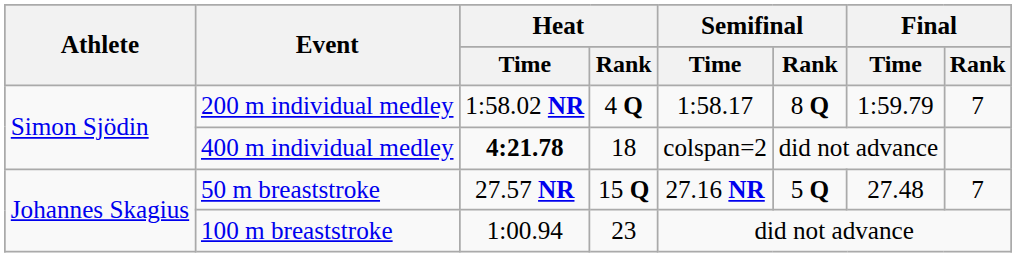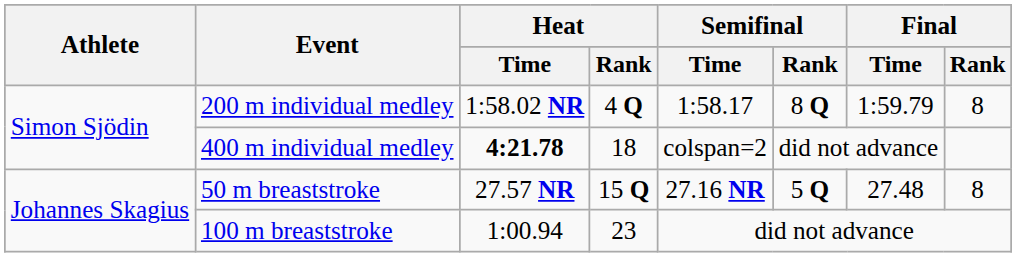 <table class=wikitable style="font-size:90%">
 <tr>
 <th rowspan="2">Athlete</th>
 <th rowspan="2">Event</th>
 <th colspan="2">Heat</th>
 <th colspan="2">Semifinal</th>
 <th colspan="2">Final</th>
 </tr>
 <tr style="font-size:95%">
 <th>Time</th>
 <th>Rank</th>
 <th>Time</th>
 <th>Rank</th>
 <th>Time</th>
 <th>Rank</th>
 </tr>
 <tr align=center>
 <td align=left rowspan=2><a href='#'>Simon Sjödin</a></td>
 <td align=left><a href='#'>200 m individual medley</a></td>
 <td>1:58.02 <strong><a href='#'>NR</a></strong></td>
 <td>4 <strong>Q</strong></td>
 <td>1:58.17</td>
 <td>8 <strong>Q</strong></td>
 <td>1:59.79</td>
-<td>7</td>
+<td>8</td>
 </tr>
 <tr align=center>
 <td align=left><a href='#'>400 m individual medley</a></td>
 <td><strong>4:21.78</strong></td>
 <td>18</td>
 <td>colspan=2 </td>
 <td colspan=2>did not advance</td>
 </tr>
 <tr align=center>
 <td align=left rowspan=2><a href='#'>Johannes Skagius</a></td>
 <td align=left><a href='#'>50 m breaststroke</a></td>
 <td>27.57 <strong><a href='#'>NR</a></strong></td>
 <td>15 <strong>Q</strong></td>
 <td>27.16 <strong><a href='#'>NR</a></strong></td>
 <td>5 <strong>Q</strong></td>
 <td>27.48</td>
-<td>7</td>
+<td>8</td>
 </tr>
 <tr align=center>
 <td align=left><a href='#'>100 m breaststroke</a></td>
 <td>1:00.94</td>
 <td>23</td>
 <td colspan=4>did not advance</td>
 </tr>
 </table>
